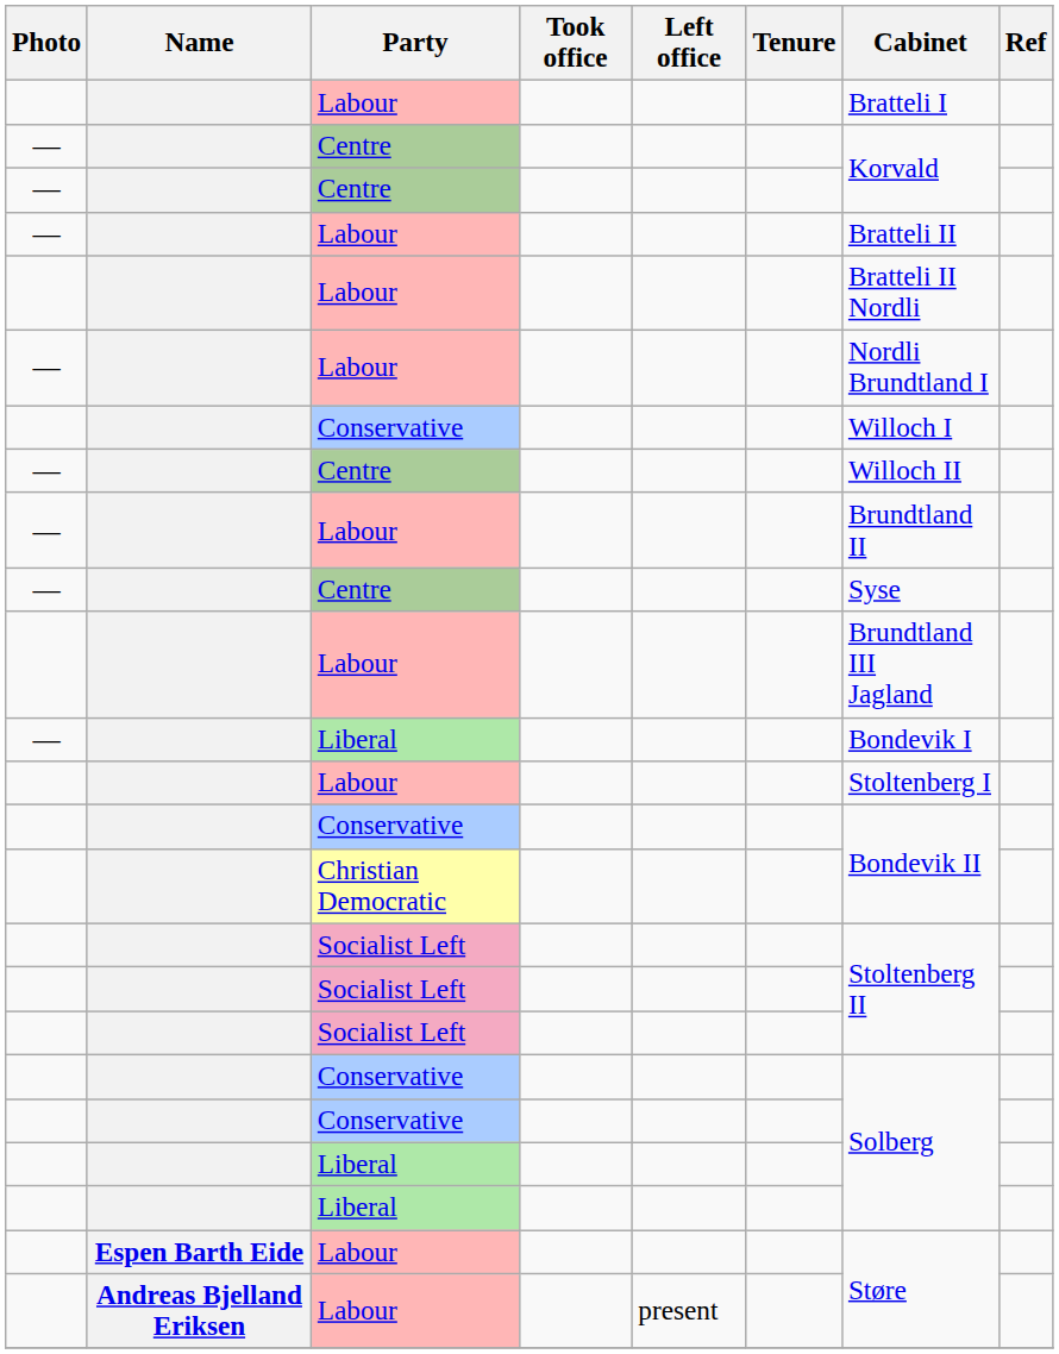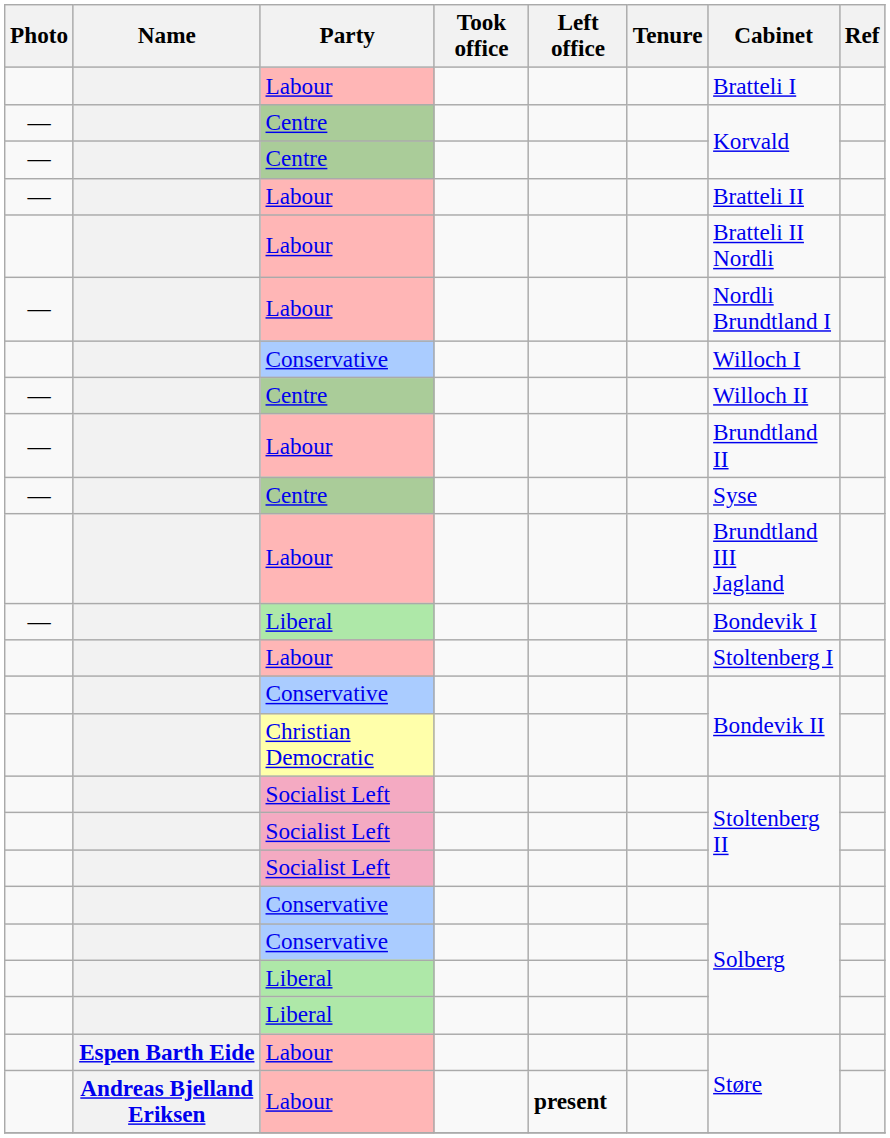 <table class="wikitable plainrowheaders sortable">
 <tr>
 <th scope=col class=unsortable>Photo</th>
 <th scope=col>Name</th>
 <th scope=col>Party</th>
 <th scope=col>Took office</th>
 <th scope=col>Left office</th>
 <th scope=col>Tenure</th>
 <th scope=col>Cabinet</th>
 <th scope=col class=unsortable>Ref</th>
 </tr>
 <tr>
 <td align=center></td>
 <th scope=row></th>
 <td style="background:#FFB6B6"><a href='#'>Labour</a></td>
 <td></td>
 <td></td>
 <td></td>
 <td><a href='#'>Bratteli I</a></td>
 <td align=center></td>
 </tr>
 <tr>
 <td align=center>—</td>
 <th scope=row></th>
 <td style="background:#AACC99"><a href='#'>Centre</a></td>
 <td></td>
 <td></td>
 <td></td>
 <td rowspan=2><a href='#'>Korvald</a></td>
 <td align=center></td>
 </tr>
 <tr>
 <td align=center>—</td>
 <th scope=row></th>
 <td style="background:#AACC99"><a href='#'>Centre</a></td>
 <td></td>
 <td></td>
 <td></td>
 <td align=center></td>
 </tr>
 <tr>
 <td align=center>—</td>
 <th scope=row></th>
 <td style="background:#FFB6B6"><a href='#'>Labour</a></td>
 <td></td>
 <td></td>
 <td></td>
 <td><a href='#'>Bratteli II</a></td>
 <td align=center></td>
 </tr>
 <tr>
 <td align=center></td>
 <th scope=row></th>
 <td style="background:#FFB6B6"><a href='#'>Labour</a></td>
 <td></td>
 <td></td>
 <td></td>
 <td><a href='#'>Bratteli II</a><br><a href='#'>Nordli</a></td>
 <td align=center></td>
 </tr>
 <tr>
 <td align=center>—</td>
 <th scope=row></th>
 <td style="background:#FFB6B6"><a href='#'>Labour</a></td>
 <td></td>
 <td></td>
 <td></td>
 <td><a href='#'>Nordli</a><br><a href='#'>Brundtland I</a></td>
 <td align=center></td>
 </tr>
 <tr>
 <td align=center></td>
 <th scope=row></th>
 <td style="background:#AACCFF"><a href='#'>Conservative</a></td>
 <td></td>
 <td></td>
 <td></td>
 <td><a href='#'>Willoch I</a></td>
 <td align=center></td>
 </tr>
 <tr>
 <td align=center>—</td>
 <th scope=row></th>
 <td style="background:#AACC99"><a href='#'>Centre</a></td>
 <td></td>
 <td></td>
 <td></td>
 <td><a href='#'>Willoch II</a></td>
 <td align=center></td>
 </tr>
 <tr>
 <td align=center>—</td>
 <th scope=row></th>
 <td style="background:#FFB6B6"><a href='#'>Labour</a></td>
 <td></td>
 <td></td>
 <td></td>
 <td><a href='#'>Brundtland II</a></td>
 <td align=center></td>
 </tr>
 <tr>
 <td align=center>—</td>
 <th scope=row></th>
 <td style="background:#AACC99"><a href='#'>Centre</a></td>
 <td></td>
 <td></td>
 <td></td>
 <td><a href='#'>Syse</a></td>
 <td align=center></td>
 </tr>
 <tr>
 <td align=center></td>
 <th scope=row></th>
 <td style="background:#FFB6B6"><a href='#'>Labour</a></td>
 <td></td>
 <td></td>
 <td></td>
 <td><a href='#'>Brundtland III</a><br><a href='#'>Jagland</a></td>
 <td align=center></td>
 </tr>
 <tr>
 <td align=center>—</td>
 <th scope=row></th>
 <td style="background:#AEE8A8"><a href='#'>Liberal</a></td>
 <td></td>
 <td></td>
 <td></td>
 <td><a href='#'>Bondevik I</a></td>
 <td align=center></td>
 </tr>
 <tr>
 <td align=center></td>
 <th scope=row></th>
 <td style="background:#FFB6B6"><a href='#'>Labour</a></td>
 <td></td>
 <td></td>
 <td></td>
 <td><a href='#'>Stoltenberg I</a></td>
 <td align=center></td>
 </tr>
 <tr>
 <td align=center></td>
 <th scope=row></th>
 <td style="background:#AACCFF"><a href='#'>Conservative</a></td>
 <td></td>
 <td></td>
 <td></td>
 <td rowspan=2><a href='#'>Bondevik II</a></td>
 <td align=center></td>
 </tr>
 <tr>
 <td align=center></td>
 <th scope=row></th>
 <td style="background:#FFFFAA"><a href='#'>Christian Democratic</a></td>
 <td></td>
 <td></td>
 <td></td>
 <td align=center></td>
 </tr>
 <tr>
 <td align=center></td>
 <th scope=row></th>
 <td style="background:#F4AAC2"><a href='#'>Socialist Left</a></td>
 <td></td>
 <td></td>
 <td></td>
 <td rowspan=3><a href='#'>Stoltenberg II</a></td>
 <td align=center></td>
 </tr>
 <tr>
 <td align=center></td>
 <th scope=row></th>
 <td style="background:#F4AAC2"><a href='#'>Socialist Left</a></td>
 <td></td>
 <td></td>
 <td></td>
 <td align=center></td>
 </tr>
 <tr>
 <td align=center></td>
 <th scope=row></th>
 <td style="background:#F4AAC2"><a href='#'>Socialist Left</a></td>
 <td></td>
 <td></td>
 <td></td>
 <td align=center></td>
 </tr>
 <tr>
 <td align=center></td>
 <th scope=row></th>
 <td style="background:#AACCFF"><a href='#'>Conservative</a></td>
 <td></td>
 <td></td>
 <td></td>
 <td rowspan=4><a href='#'>Solberg</a></td>
 <td align=center><br></td>
 </tr>
 <tr>
 <td align=center></td>
 <th scope=row></th>
 <td style="background:#AACCFF"><a href='#'>Conservative</a></td>
 <td></td>
 <td></td>
 <td></td>
 <td align=center><br></td>
 </tr>
 <tr>
 <td align=center></td>
 <th scope=row></th>
 <td style="background:#AEE8A8"><a href='#'>Liberal</a></td>
 <td></td>
 <td></td>
 <td></td>
 <td align=center></td>
 </tr>
 <tr>
 <td align=center></td>
 <th scope=row></th>
 <td style="background:#AEE8A8"><a href='#'>Liberal</a></td>
 <td></td>
 <td></td>
 <td></td>
 <td align=center></td>
 </tr>
 <tr>
 <td align=center></td>
 <th scope=row><a href='#'>Espen Barth Eide</a></th>
 <td style="background:#FFB6B6"><a href='#'>Labour</a></td>
 <td></td>
 <td></td>
 <td></td>
 <td rowspan=2><a href='#'>Støre</a></td>
 <td align=center></td>
 </tr>
 <tr>
 <td align=center></td>
 <th scope=row><a href='#'>Andreas Bjelland Eriksen</a></th>
 <td style="background:#FFB6B6"><a href='#'>Labour</a></td>
 <td></td>
-<td>present</td>
+<td><strong>present</strong></td>
 <td></td>
 <td align=center></td>
 </tr>
 <tr>
 </tr>
 </table>
